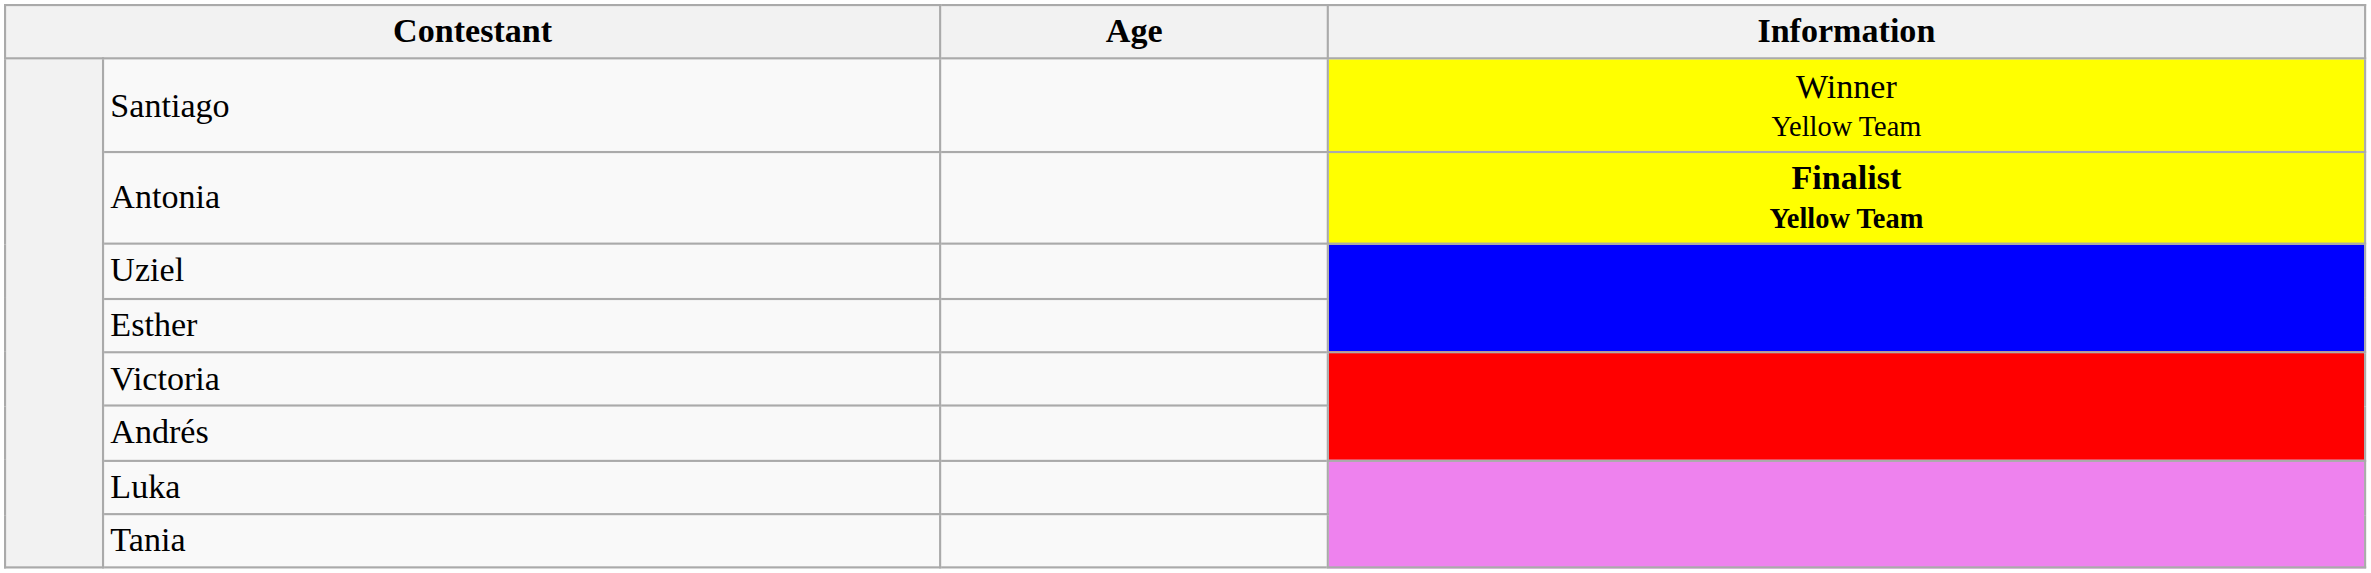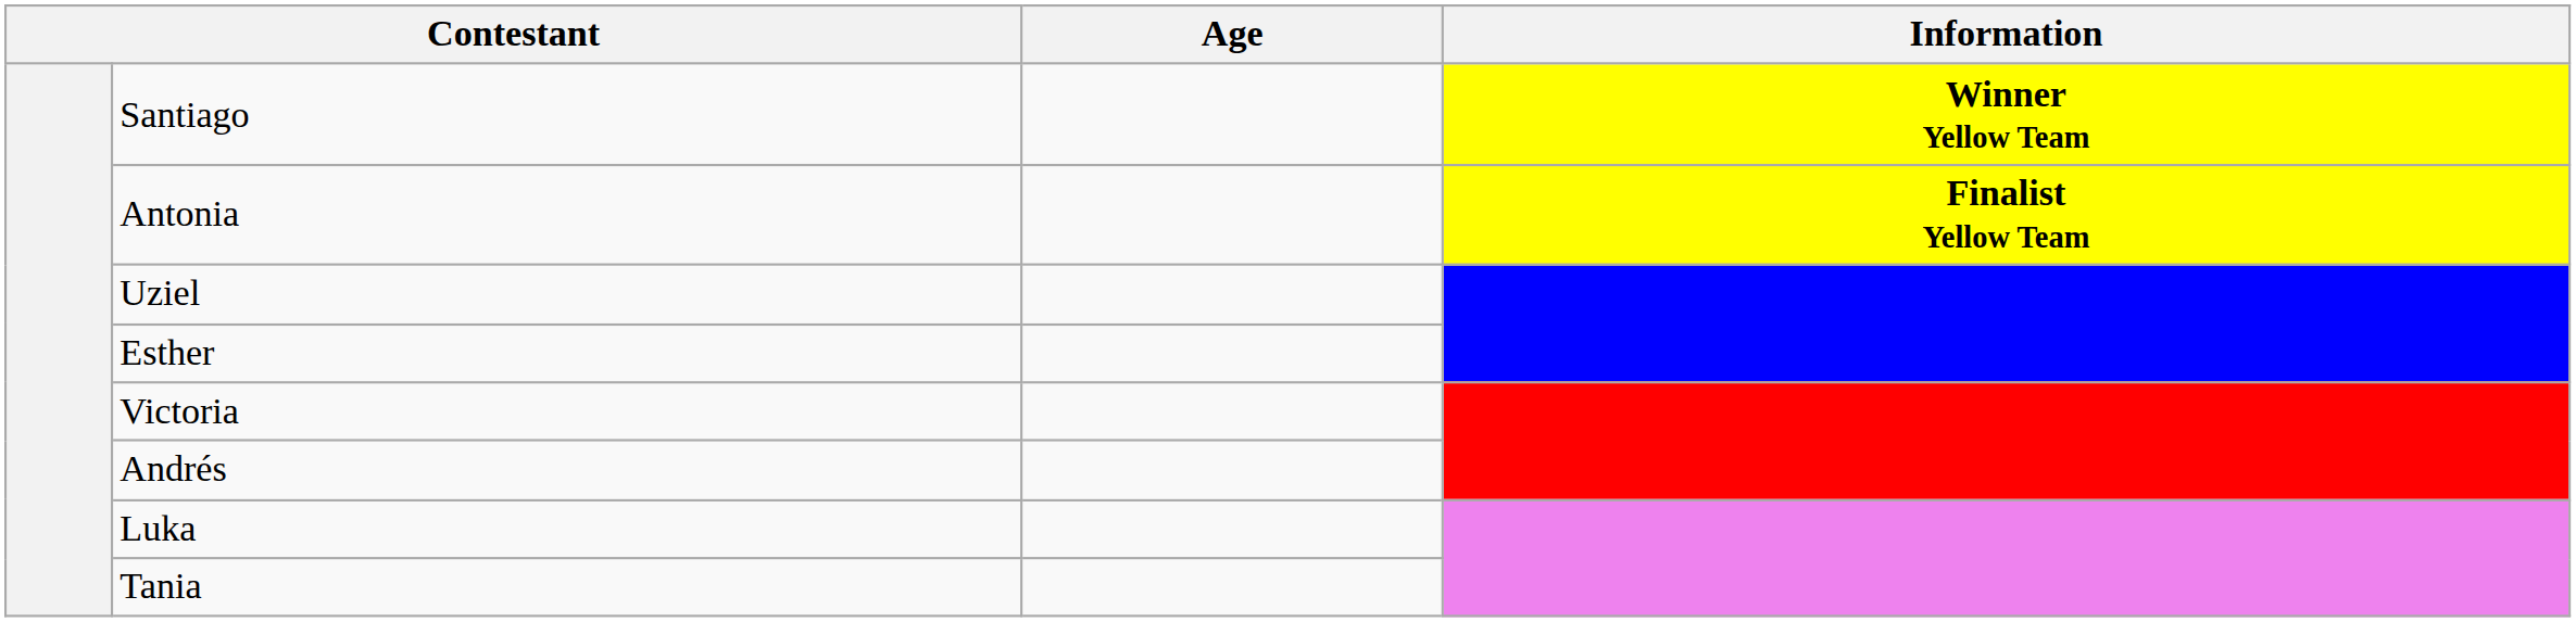 <table class="wikitable" style="width:70%;">
 <tr>
 <th colspan="2">Contestant</th>
 <th>Age</th>
 <th>Information</th>
 </tr>
 <tr>
 <th rowspan="8"></th>
 <td> Santiago</td>
 <td></td>
-<td style="background:yellow" align="center">Winner<br><small>Yellow Team</small></td>
+<td style="background:yellow" align="center"><strong>Winner<br><small>Yellow Team</small></strong></td>
 </tr>
 <tr>
 <td> Antonia</td>
 <td></td>
 <td style="background:yellow" align="center"><strong>Finalist<br><small>Yellow Team</small></strong></td>
 </tr>
 <tr>
 <td> Uziel</td>
 <td></td>
 <td rowspan="2;" style="background:blue;"></td>
 </tr>
 <tr>
 <td> Esther</td>
 <td></td>
 </tr>
 <tr>
 <td> Victoria</td>
 <td></td>
 <td rowspan="2;" style="background:red;"></td>
 </tr>
 <tr>
 <td> Andrés</td>
 <td></td>
 </tr>
 <tr>
 <td> Luka</td>
 <td></td>
 <td rowspan="2;" style="background:violet;"></td>
 </tr>
 <tr>
 <td> Tania</td>
 <td></td>
 </tr>
 </table>
